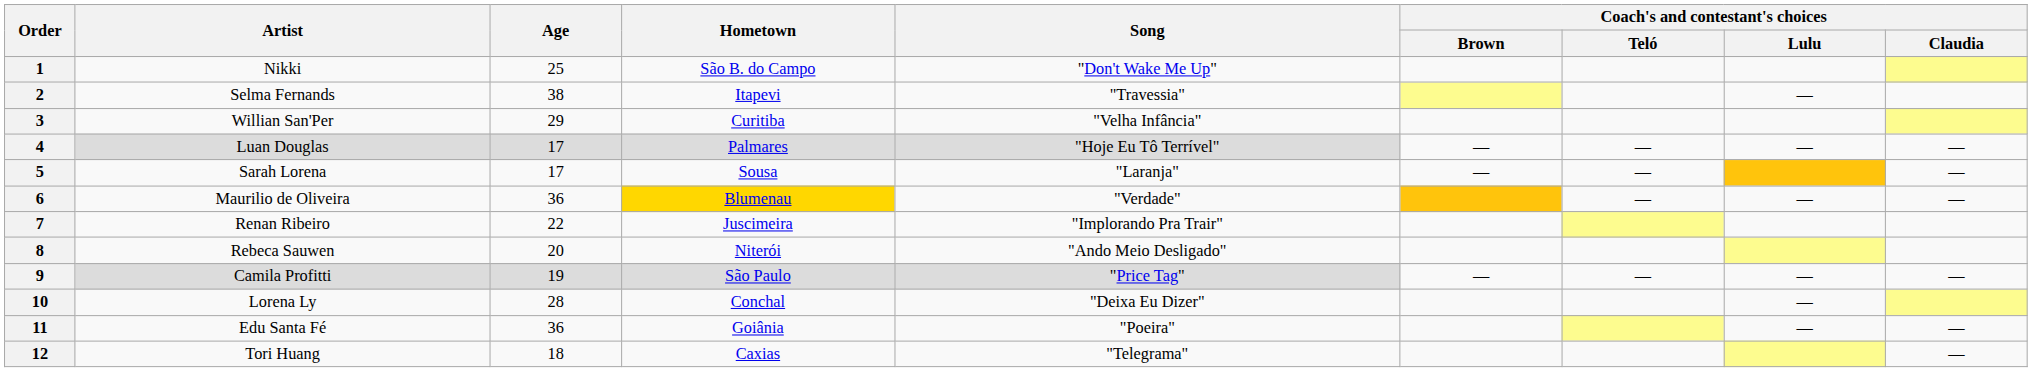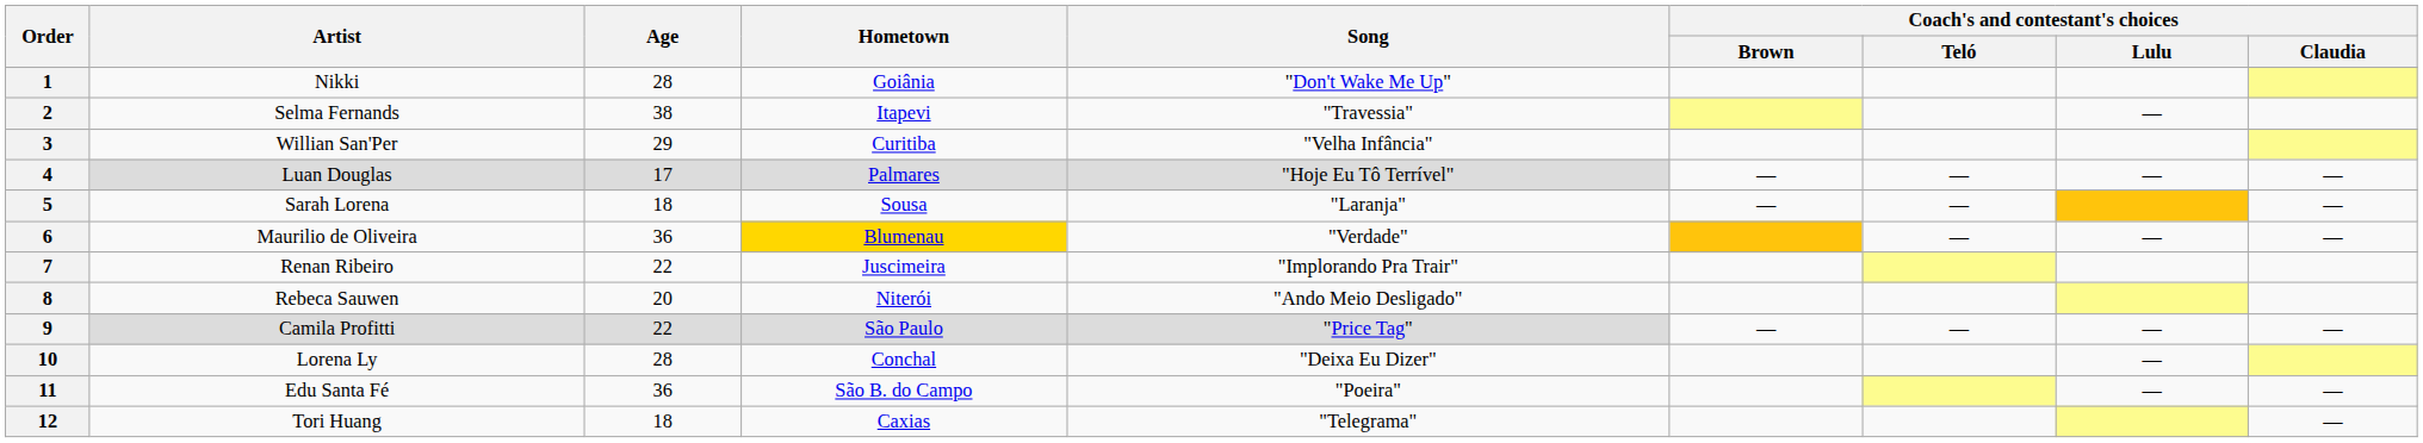 <table class="wikitable" style="text-align:center; width:100%;">
 <tr>
 <th rowspan=2 width="03.5%">Order</th>
 <th rowspan=2 width="20.5%">Artist</th>
 <th rowspan=2 width="06.5%">Age</th>
 <th rowspan=2 width="13.5%">Hometown</th>
 <th rowspan=2 width="25.0%">Song</th>
 <th colspan=4 width="32.0%">Coach's and contestant's choices</th>
 </tr>
 <tr>
 <th width="8.0%">Brown</th>
 <th width="8.0%">Teló</th>
 <th width="8.0%">Lulu</th>
 <th width="8.0%">Claudia</th>
 </tr>
 <tr>
 <th>1</th>
 <td>Nikki</td>
-<td>25</td>
-<td><a href='#'>São B. do Campo</a></td>
+<td>28</td>
+<td><a href='#'>Goiânia</a></td>
 <td>"<a href='#'>Don't Wake Me Up</a>"</td>
 <td style=><strong></strong></td>
 <td style=><strong></strong></td>
 <td style=><strong></strong></td>
 <td style="background-color:#fdfc8f"><strong></strong></td>
 </tr>
 <tr>
 <th>2</th>
 <td>Selma Fernands</td>
 <td>38</td>
 <td><a href='#'>Itapevi</a></td>
 <td>"Travessia"</td>
 <td style="background-color:#fdfc8f"><strong></strong></td>
 <td><strong></strong></td>
 <td>—</td>
 <td><strong></strong></td>
 </tr>
 <tr>
 <th>3</th>
 <td>Willian San'Per</td>
 <td>29</td>
 <td><a href='#'>Curitiba</a></td>
 <td>"Velha Infância"</td>
 <td style=><strong></strong></td>
 <td style=><strong></strong></td>
 <td style=><strong></strong></td>
 <td style="background-color:#fdfc8f"><strong></strong></td>
 </tr>
 <tr>
 <th>4</th>
 <td style="background-color:#dcdcdc">Luan Douglas</td>
 <td style="background-color:#dcdcdc">17</td>
 <td style="background-color:#dcdcdc"><a href='#'>Palmares</a></td>
 <td style="background-color:#dcdcdc">"Hoje Eu Tô Terrível"</td>
 <td>—</td>
 <td>—</td>
 <td>—</td>
 <td>—</td>
 </tr>
 <tr>
 <th>5</th>
 <td>Sarah Lorena</td>
-<td>17</td>
+<td>18</td>
 <td><a href='#'>Sousa</a></td>
 <td>"Laranja"</td>
 <td>—</td>
 <td>—</td>
 <td style="background-color:#FFC40C"><strong></strong></td>
 <td>—</td>
 </tr>
 <tr>
 <th>6</th>
 <td>Maurilio de Oliveira</td>
 <td>36</td>
 <td style="background: gold;"><a href='#'>Blumenau</a></td>
 <td>"Verdade"</td>
 <td style="background-color:#FFC40C"><strong></strong></td>
 <td>—</td>
 <td>—</td>
 <td>—</td>
 </tr>
 <tr>
 <th>7</th>
 <td>Renan Ribeiro</td>
 <td>22</td>
 <td><a href='#'>Juscimeira</a></td>
 <td>"Implorando Pra Trair"</td>
 <td style=><strong></strong></td>
 <td style="background-color:#fdfc8f"><strong></strong></td>
 <td style=><strong></strong></td>
 <td style=><strong></strong></td>
 </tr>
 <tr>
 <th>8</th>
 <td>Rebeca Sauwen</td>
 <td>20</td>
 <td><a href='#'>Niterói</a></td>
 <td>"Ando Meio Desligado"</td>
 <td style=><strong></strong></td>
 <td style=><strong></strong></td>
 <td style="background-color:#fdfc8f"><strong></strong></td>
 <td style=><strong></strong></td>
 </tr>
 <tr>
 <th>9</th>
 <td style="background-color:#dcdcdc">Camila Profitti</td>
-<td style="background-color:#dcdcdc">19</td>
+<td style="background-color:#dcdcdc">22</td>
 <td style="background-color:#dcdcdc"><a href='#'>São Paulo</a></td>
 <td style="background-color:#dcdcdc">"<a href='#'>Price Tag</a>"</td>
 <td>—</td>
 <td>—</td>
 <td>—</td>
 <td>—</td>
 </tr>
 <tr>
 <th>10</th>
 <td>Lorena Ly</td>
 <td>28</td>
 <td><a href='#'>Conchal</a></td>
 <td>"Deixa Eu Dizer"</td>
 <td><strong></strong></td>
 <td><strong></strong></td>
 <td>—</td>
 <td style="background-color:#fdfc8f"><strong></strong></td>
 </tr>
 <tr>
 <th>11</th>
 <td>Edu Santa Fé</td>
 <td>36</td>
-<td><a href='#'>Goiânia</a></td>
+<td><a href='#'>São B. do Campo</a></td>
 <td>"Poeira"</td>
 <td><strong></strong></td>
 <td style="background-color:#fdfc8f"><strong></strong></td>
 <td>—</td>
 <td>—</td>
 </tr>
 <tr>
 <th>12</th>
 <td>Tori Huang</td>
 <td>18</td>
 <td><a href='#'>Caxias</a></td>
 <td>"Telegrama"</td>
 <td><strong></strong></td>
 <td><strong></strong></td>
 <td style="background-color:#fdfc8f"><strong></strong></td>
 <td>—</td>
 </tr>
 </table>
